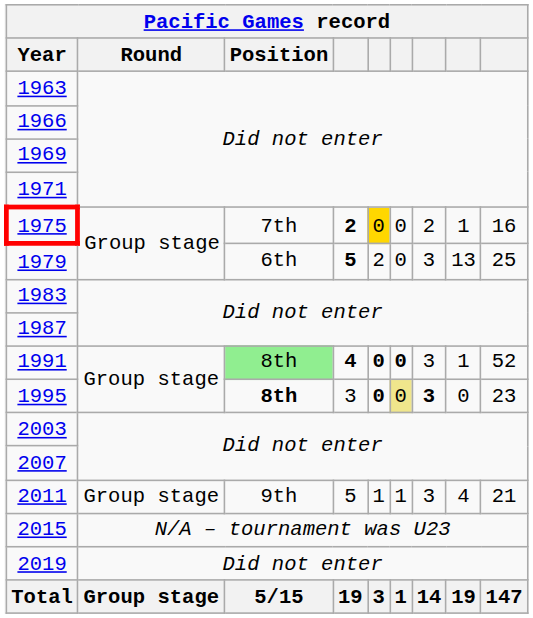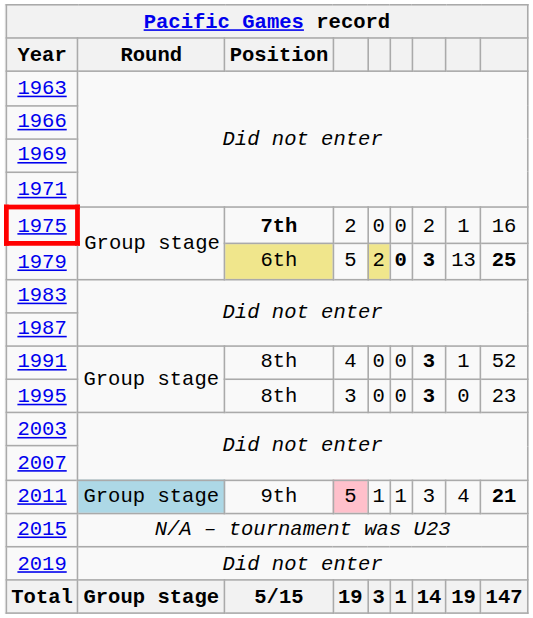 <table class="wikitable" style="text-align: center;">
 <tr>
 <th colspan=9><a href='#'>Pacific Games</a> record</th>
 </tr>
 <tr>
 <th>Year</th>
 <th>Round</th>
 <th>Position</th>
 <th></th>
 <th></th>
 <th></th>
 <th></th>
 <th></th>
 <th></th>
 </tr>
 <tr>
 <td> <a href='#'>1963</a></td>
 <td colspan=8 rowspan=4><em>Did not enter</em></td>
 </tr>
 <tr>
 <td> <a href='#'>1966</a></td>
 </tr>
 <tr>
 <td> <a href='#'>1969</a></td>
 </tr>
 <tr>
 <td> <a href='#'>1971</a></td>
 </tr>
 <tr>
 <td style="border: 3px solid red"> <a href='#'>1975</a></td>
 <td rowspan=2>Group stage</td>
-<td>7th</td>
-<td><strong>2</strong></td>
-<td style="background: gold;">0</td>
+<td><strong>7th</strong></td>
+<td>2</td>
+<td>0</td>
 <td>0</td>
 <td>2</td>
 <td>1</td>
 <td>16</td>
 </tr>
 <tr>
 <td> <a href='#'>1979</a></td>
-<td>6th</td>
-<td><strong>5</strong></td>
-<td>2</td>
-<td>0</td>
-<td>3</td>
+<td style="background: khaki;">6th</td>
+<td>5</td>
+<td style="background: khaki;">2</td>
+<td><strong>0</strong></td>
+<td><strong>3</strong></td>
 <td>13</td>
-<td>25</td>
+<td><strong>25</strong></td>
 </tr>
 <tr>
 <td> <a href='#'>1983</a></td>
 <td colspan=8 rowspan=2><em>Did not enter</em></td>
 </tr>
 <tr>
 <td> <a href='#'>1987</a></td>
 </tr>
 <tr>
 <td> <a href='#'>1991</a></td>
 <td rowspan=2>Group stage</td>
-<td style="background: lightgreen;">8th</td>
-<td><strong>4</strong></td>
-<td><strong>0</strong></td>
-<td><strong>0</strong></td>
-<td>3</td>
+<td>8th</td>
+<td>4</td>
+<td>0</td>
+<td>0</td>
+<td><strong>3</strong></td>
 <td>1</td>
 <td>52</td>
 </tr>
 <tr>
 <td> <a href='#'>1995</a></td>
-<td><strong>8th</strong></td>
+<td>8th</td>
 <td>3</td>
-<td><strong>0</strong></td>
-<td style="background: khaki;">0</td>
+<td>0</td>
+<td>0</td>
 <td><strong>3</strong></td>
 <td>0</td>
 <td>23</td>
 </tr>
 <tr>
 <td> <a href='#'>2003</a></td>
 <td colspan=8 rowspan=2><em>Did not enter</em></td>
 </tr>
 <tr>
 <td> <a href='#'>2007</a></td>
 </tr>
 <tr>
 <td> <a href='#'>2011</a></td>
-<td>Group stage</td>
+<td style="background: lightblue;">Group stage</td>
 <td>9th</td>
-<td>5</td>
+<td style="background: pink;">5</td>
 <td>1</td>
 <td>1</td>
 <td>3</td>
 <td>4</td>
-<td>21</td>
+<td><strong>21</strong></td>
 </tr>
 <tr>
 <td> <a href='#'>2015</a></td>
 <td colspan=8><em>N/A – tournament was U23</em></td>
 </tr>
 <tr>
 <td> <a href='#'>2019</a></td>
 <td colspan=8><em>Did not enter</em></td>
 </tr>
 <tr>
 <th><strong>Total</strong></th>
 <th>Group stage</th>
 <th><strong>5/15</strong></th>
 <th><strong>19</strong></th>
 <th><strong>3</strong></th>
 <th><strong>1</strong></th>
 <th><strong>14</strong></th>
 <th><strong>19</strong></th>
 <th><strong>147</strong></th>
 </tr>
 </table>
